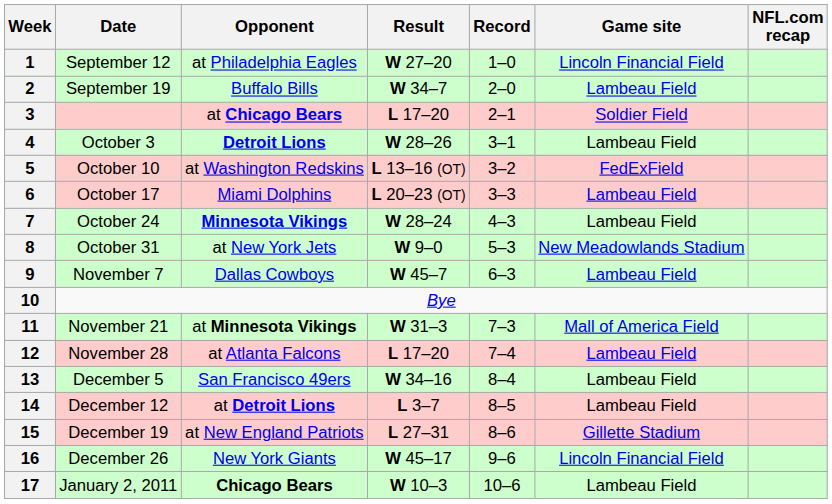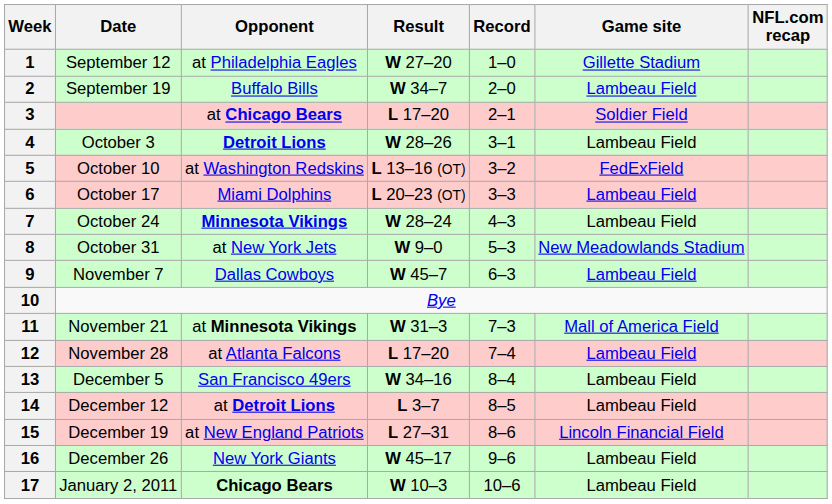 <table class="wikitable" style="text-align:center">
 <tr>
 <th>Week</th>
 <th>Date</th>
 <th>Opponent</th>
 <th>Result</th>
 <th>Record</th>
 <th>Game site</th>
 <th>NFL.com<br>recap</th>
 </tr>
 <tr style="background:#cfc;">
 <th>1</th>
 <td>September 12</td>
 <td>at <a href='#'>Philadelphia Eagles</a></td>
 <td><strong>W</strong> 27–20</td>
 <td>1–0</td>
-<td><a href='#'>Lincoln Financial Field</a></td>
+<td><a href='#'>Gillette Stadium</a></td>
 <td></td>
 </tr>
 <tr style="background:#cfc;">
 <th>2</th>
 <td>September 19</td>
 <td><a href='#'>Buffalo Bills</a></td>
 <td><strong>W</strong> 34–7</td>
 <td>2–0</td>
 <td><a href='#'>Lambeau Field</a></td>
 <td></td>
 </tr>
 <tr style="background:#fcc;">
 <th>3</th>
 <td></td>
 <td>at <strong><a href='#'>Chicago Bears</a></strong></td>
 <td><strong>L</strong> 17–20</td>
 <td>2–1</td>
 <td><a href='#'>Soldier Field</a></td>
 <td></td>
 </tr>
 <tr style="background:#cfc;">
 <th>4</th>
 <td>October 3</td>
 <td><strong><a href='#'>Detroit Lions</a></strong></td>
 <td><strong>W</strong> 28–26</td>
 <td>3–1</td>
 <td>Lambeau Field</td>
 <td></td>
 </tr>
 <tr style="background:#fcc;">
 <th>5</th>
 <td>October 10</td>
 <td>at <a href='#'>Washington Redskins</a></td>
 <td><strong>L</strong> 13–16 <small>(OT)</small></td>
 <td>3–2</td>
 <td><a href='#'>FedExField</a></td>
 <td></td>
 </tr>
 <tr style="background:#fcc;">
 <th>6</th>
 <td>October 17</td>
 <td><a href='#'>Miami Dolphins</a></td>
 <td><strong>L</strong> 20–23 <small>(OT)</small></td>
 <td>3–3</td>
 <td><a href='#'>Lambeau Field</a></td>
 <td></td>
 </tr>
 <tr style="background:#cfc;">
 <th>7</th>
 <td>October 24</td>
 <td><strong><a href='#'>Minnesota Vikings</a></strong></td>
 <td><strong>W</strong> 28–24</td>
 <td>4–3</td>
 <td>Lambeau Field</td>
 <td></td>
 </tr>
 <tr style="background:#cfc;">
 <th>8</th>
 <td>October 31</td>
 <td>at <a href='#'>New York Jets</a></td>
 <td><strong>W</strong> 9–0</td>
 <td>5–3</td>
 <td><a href='#'>New Meadowlands Stadium</a></td>
 <td></td>
 </tr>
 <tr style="background:#cfc;">
 <th>9</th>
 <td>November 7</td>
 <td><a href='#'>Dallas Cowboys</a></td>
 <td><strong>W</strong> 45–7</td>
 <td>6–3</td>
 <td><a href='#'>Lambeau Field</a></td>
 <td></td>
 </tr>
 <tr>
 <th>10</th>
 <td colspan="8" style="text-align:center;"><em><a href='#'>Bye</a></em></td>
 </tr>
 <tr style="background:#cfc;">
 <th>11</th>
 <td>November 21</td>
 <td>at <strong>Minnesota Vikings</strong></td>
 <td><strong>W</strong> 31–3</td>
 <td>7–3</td>
 <td><a href='#'>Mall of America Field</a></td>
 <td></td>
 </tr>
 <tr style="background:#fcc;">
 <th>12</th>
 <td>November 28</td>
 <td>at <a href='#'>Atlanta Falcons</a></td>
 <td><strong>L</strong> 17–20</td>
 <td>7–4</td>
 <td><a href='#'>Lambeau Field</a></td>
 <td></td>
 </tr>
 <tr style="background:#cfc;">
 <th>13</th>
 <td>December 5</td>
 <td><a href='#'>San Francisco 49ers</a></td>
 <td><strong>W</strong> 34–16</td>
 <td>8–4</td>
 <td>Lambeau Field</td>
 <td></td>
 </tr>
 <tr style="background:#fcc;">
 <th>14</th>
 <td>December 12</td>
 <td>at <strong><a href='#'>Detroit Lions</a></strong></td>
 <td><strong>L</strong> 3–7</td>
 <td>8–5</td>
 <td>Lambeau Field</td>
 <td></td>
 </tr>
 <tr style="background:#fcc;">
 <th>15</th>
 <td>December 19</td>
 <td>at <a href='#'>New England Patriots</a></td>
 <td><strong>L</strong> 27–31</td>
 <td>8–6</td>
-<td><a href='#'>Gillette Stadium</a></td>
+<td><a href='#'>Lincoln Financial Field</a></td>
 <td></td>
 </tr>
 <tr style="background:#cfc;">
 <th>16</th>
 <td>December 26</td>
 <td><a href='#'>New York Giants</a></td>
 <td><strong>W</strong> 45–17</td>
 <td>9–6</td>
-<td><a href='#'>Lincoln Financial Field</a></td>
+<td>Lambeau Field</td>
 <td></td>
 </tr>
 <tr style="background:#cfc;">
 <th>17</th>
 <td>January 2, 2011</td>
 <td><strong>Chicago Bears</strong></td>
 <td><strong>W</strong> 10–3</td>
 <td>10–6</td>
 <td>Lambeau Field</td>
 <td></td>
 </tr>
 </table>
